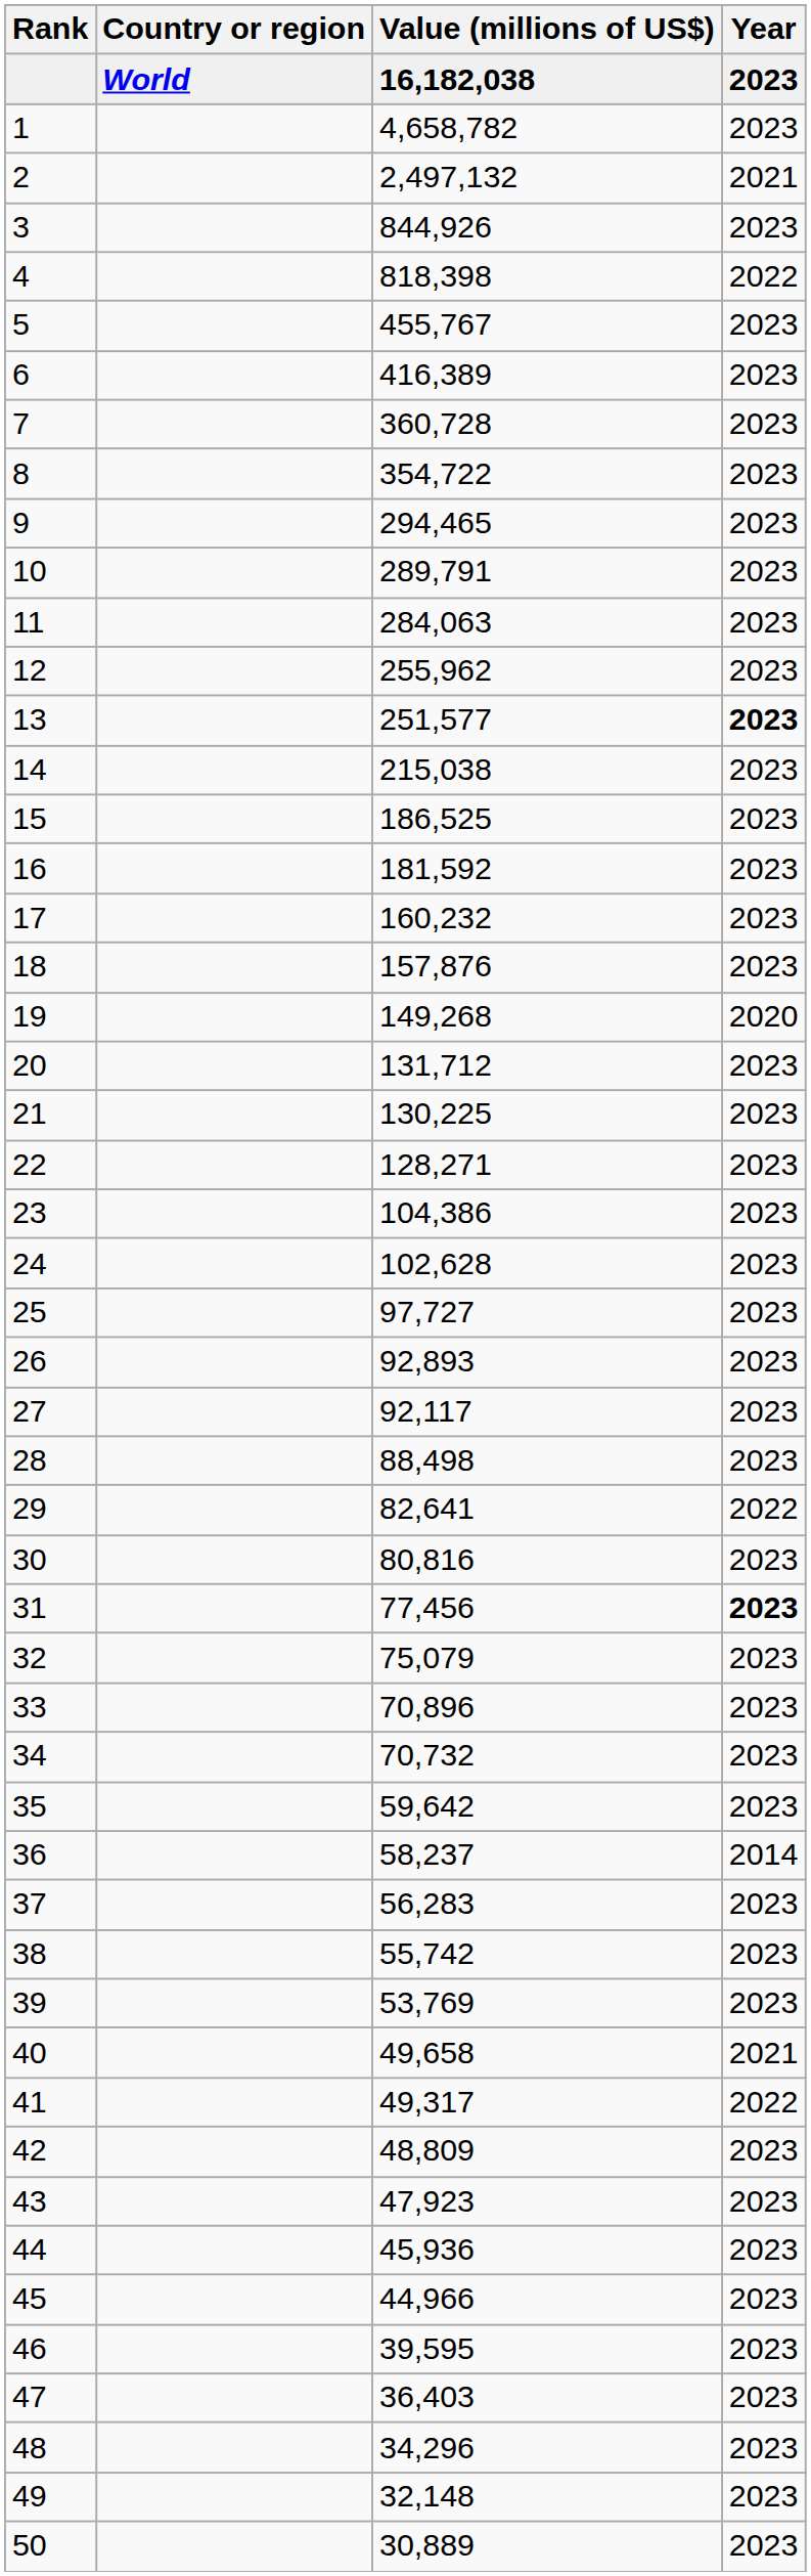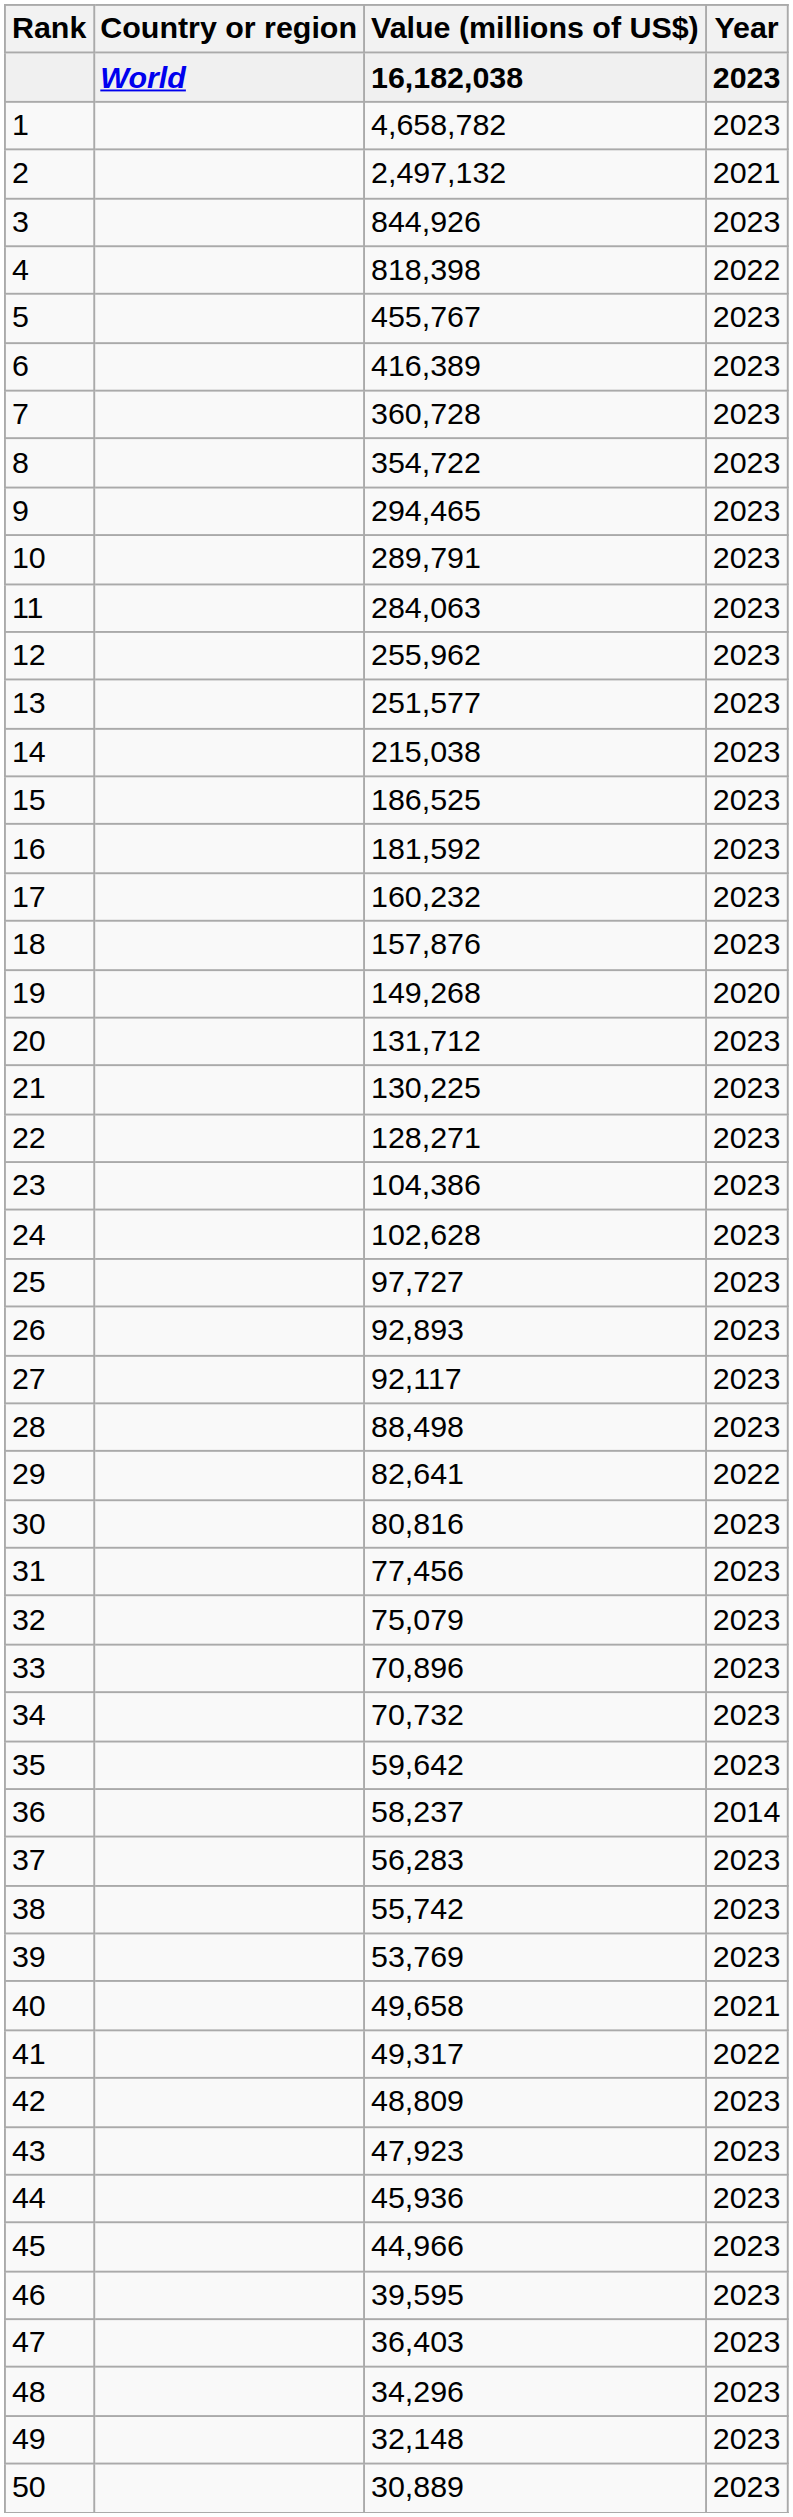 <table class="wikitable sortable plainrowheaders">
 <tr>
 <th scope="col">Rank</th>
 <th scope="col">Country or region</th>
 <th scope="col">Value (millions of US$)</th>
 <th scope="col">Year</th>
 </tr>
 <tr style="font-weight:bold; background:#f0f0f0">
 <td></td>
 <td><em><a href='#'>World</a></em></td>
 <td>16,182,038</td>
 <td>2023</td>
 </tr>
 <tr>
 <td>1</td>
 <td></td>
 <td>4,658,782</td>
 <td>2023</td>
 </tr>
 <tr>
 <td>2</td>
 <td></td>
 <td>2,497,132</td>
 <td>2021</td>
 </tr>
 <tr>
 <td>3</td>
 <td></td>
 <td>844,926</td>
 <td>2023</td>
 </tr>
 <tr>
 <td>4</td>
 <td></td>
 <td>818,398</td>
 <td>2022</td>
 </tr>
 <tr>
 <td>5</td>
 <td></td>
 <td>455,767</td>
 <td>2023</td>
 </tr>
 <tr>
 <td>6</td>
 <td></td>
 <td>416,389</td>
 <td>2023</td>
 </tr>
 <tr>
 <td>7</td>
 <td></td>
 <td>360,728</td>
 <td>2023</td>
 </tr>
 <tr>
 <td>8</td>
 <td></td>
 <td>354,722</td>
 <td>2023</td>
 </tr>
 <tr>
 <td>9</td>
 <td></td>
 <td>294,465</td>
 <td>2023</td>
 </tr>
 <tr>
 <td>10</td>
 <td></td>
 <td>289,791</td>
 <td>2023</td>
 </tr>
 <tr>
 <td>11</td>
 <td></td>
 <td>284,063</td>
 <td>2023</td>
 </tr>
 <tr>
 <td>12</td>
 <td></td>
 <td>255,962</td>
 <td>2023</td>
 </tr>
 <tr>
 <td>13</td>
 <td></td>
 <td>251,577</td>
-<td><strong>2023</strong></td>
+<td>2023</td>
 </tr>
 <tr>
 <td>14</td>
 <td></td>
 <td>215,038</td>
 <td>2023</td>
 </tr>
 <tr>
 <td>15</td>
 <td></td>
 <td>186,525</td>
 <td>2023</td>
 </tr>
 <tr>
 <td>16</td>
 <td></td>
 <td>181,592</td>
 <td>2023</td>
 </tr>
 <tr>
 <td>17</td>
 <td></td>
 <td>160,232</td>
 <td>2023</td>
 </tr>
 <tr>
 <td>18</td>
 <td></td>
 <td>157,876</td>
 <td>2023</td>
 </tr>
 <tr>
 <td>19</td>
 <td></td>
 <td>149,268</td>
 <td>2020</td>
 </tr>
 <tr>
 <td>20</td>
 <td></td>
 <td>131,712</td>
 <td>2023</td>
 </tr>
 <tr>
 <td>21</td>
 <td></td>
 <td>130,225</td>
 <td>2023</td>
 </tr>
 <tr>
 <td>22</td>
 <td></td>
 <td>128,271</td>
 <td>2023</td>
 </tr>
 <tr>
 <td>23</td>
 <td></td>
 <td>104,386</td>
 <td>2023</td>
 </tr>
 <tr>
 <td>24</td>
 <td></td>
 <td>102,628</td>
 <td>2023</td>
 </tr>
 <tr>
 <td>25</td>
 <td></td>
 <td>97,727</td>
 <td>2023</td>
 </tr>
 <tr>
 <td>26</td>
 <td></td>
 <td>92,893</td>
 <td>2023</td>
 </tr>
 <tr>
 <td>27</td>
 <td></td>
 <td>92,117</td>
 <td>2023</td>
 </tr>
 <tr>
 <td>28</td>
 <td></td>
 <td>88,498</td>
 <td>2023</td>
 </tr>
 <tr>
 <td>29</td>
 <td></td>
 <td>82,641</td>
 <td>2022</td>
 </tr>
 <tr>
 <td>30</td>
 <td></td>
 <td>80,816</td>
 <td>2023</td>
 </tr>
 <tr>
 <td>31</td>
 <td></td>
 <td>77,456</td>
-<td><strong>2023</strong></td>
+<td>2023</td>
 </tr>
 <tr>
 <td>32</td>
 <td></td>
 <td>75,079</td>
 <td>2023</td>
 </tr>
 <tr>
 <td>33</td>
 <td></td>
 <td>70,896</td>
 <td>2023</td>
 </tr>
 <tr>
 <td>34</td>
 <td></td>
 <td>70,732</td>
 <td>2023</td>
 </tr>
 <tr>
 <td>35</td>
 <td></td>
 <td>59,642</td>
 <td>2023</td>
 </tr>
 <tr>
 <td>36</td>
 <td></td>
 <td>58,237</td>
 <td>2014</td>
 </tr>
 <tr>
 <td>37</td>
 <td></td>
 <td>56,283</td>
 <td>2023</td>
 </tr>
 <tr>
 <td>38</td>
 <td></td>
 <td>55,742</td>
 <td>2023</td>
 </tr>
 <tr>
 <td>39</td>
 <td></td>
 <td>53,769</td>
 <td>2023</td>
 </tr>
 <tr>
 <td>40</td>
 <td></td>
 <td>49,658</td>
 <td>2021</td>
 </tr>
 <tr>
 <td>41</td>
 <td></td>
 <td>49,317</td>
 <td>2022</td>
 </tr>
 <tr>
 <td>42</td>
 <td></td>
 <td>48,809</td>
 <td>2023</td>
 </tr>
 <tr>
 <td>43</td>
 <td></td>
 <td>47,923</td>
 <td>2023</td>
 </tr>
 <tr>
 <td>44</td>
 <td></td>
 <td>45,936</td>
 <td>2023</td>
 </tr>
 <tr>
 <td>45</td>
 <td></td>
 <td>44,966</td>
 <td>2023</td>
 </tr>
 <tr>
 <td>46</td>
 <td></td>
 <td>39,595</td>
 <td>2023</td>
 </tr>
 <tr>
 <td>47</td>
 <td></td>
 <td>36,403</td>
 <td>2023</td>
 </tr>
 <tr>
 <td>48</td>
 <td></td>
 <td>34,296</td>
 <td>2023</td>
 </tr>
 <tr>
 <td>49</td>
 <td></td>
 <td>32,148</td>
 <td>2023</td>
 </tr>
 <tr>
 <td>50</td>
 <td></td>
 <td>30,889</td>
 <td>2023</td>
 </tr>
 <tr>
 </tr>
 </table>
